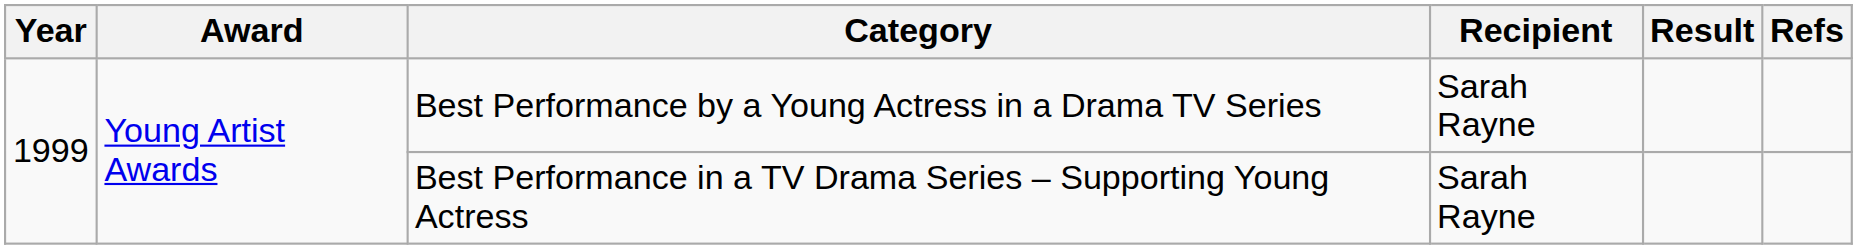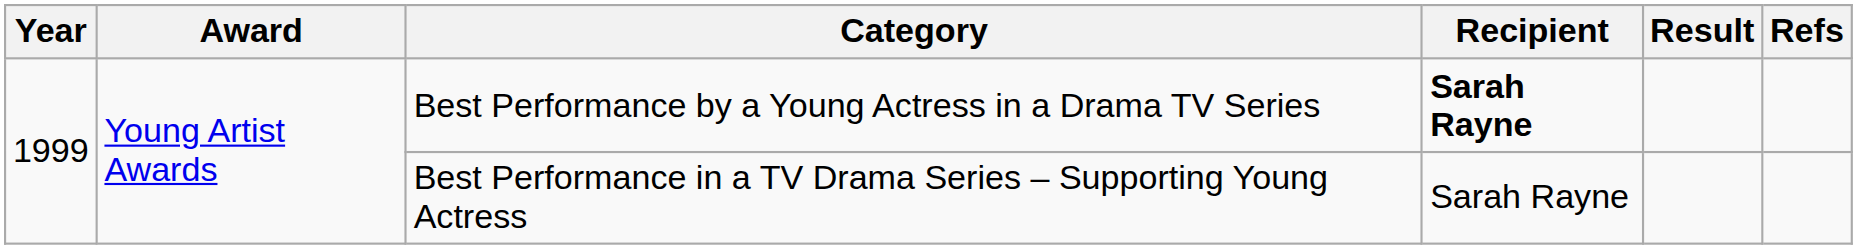 <table class="wikitable">
 <tr>
 <th>Year</th>
 <th>Award</th>
 <th>Category</th>
 <th>Recipient</th>
 <th>Result</th>
 <th>Refs</th>
 </tr>
 <tr>
 <td rowspan=2>1999</td>
 <td rowspan=2><a href='#'>Young Artist Awards</a></td>
 <td>Best Performance by a Young Actress in a Drama TV Series</td>
-<td>Sarah Rayne</td>
+<td><strong>Sarah Rayne</strong></td>
 <td></td>
 <td></td>
 </tr>
 <tr>
 <td>Best Performance in a TV Drama Series – Supporting Young Actress</td>
 <td>Sarah Rayne</td>
 <td></td>
 <td></td>
 </tr>
 </table>
